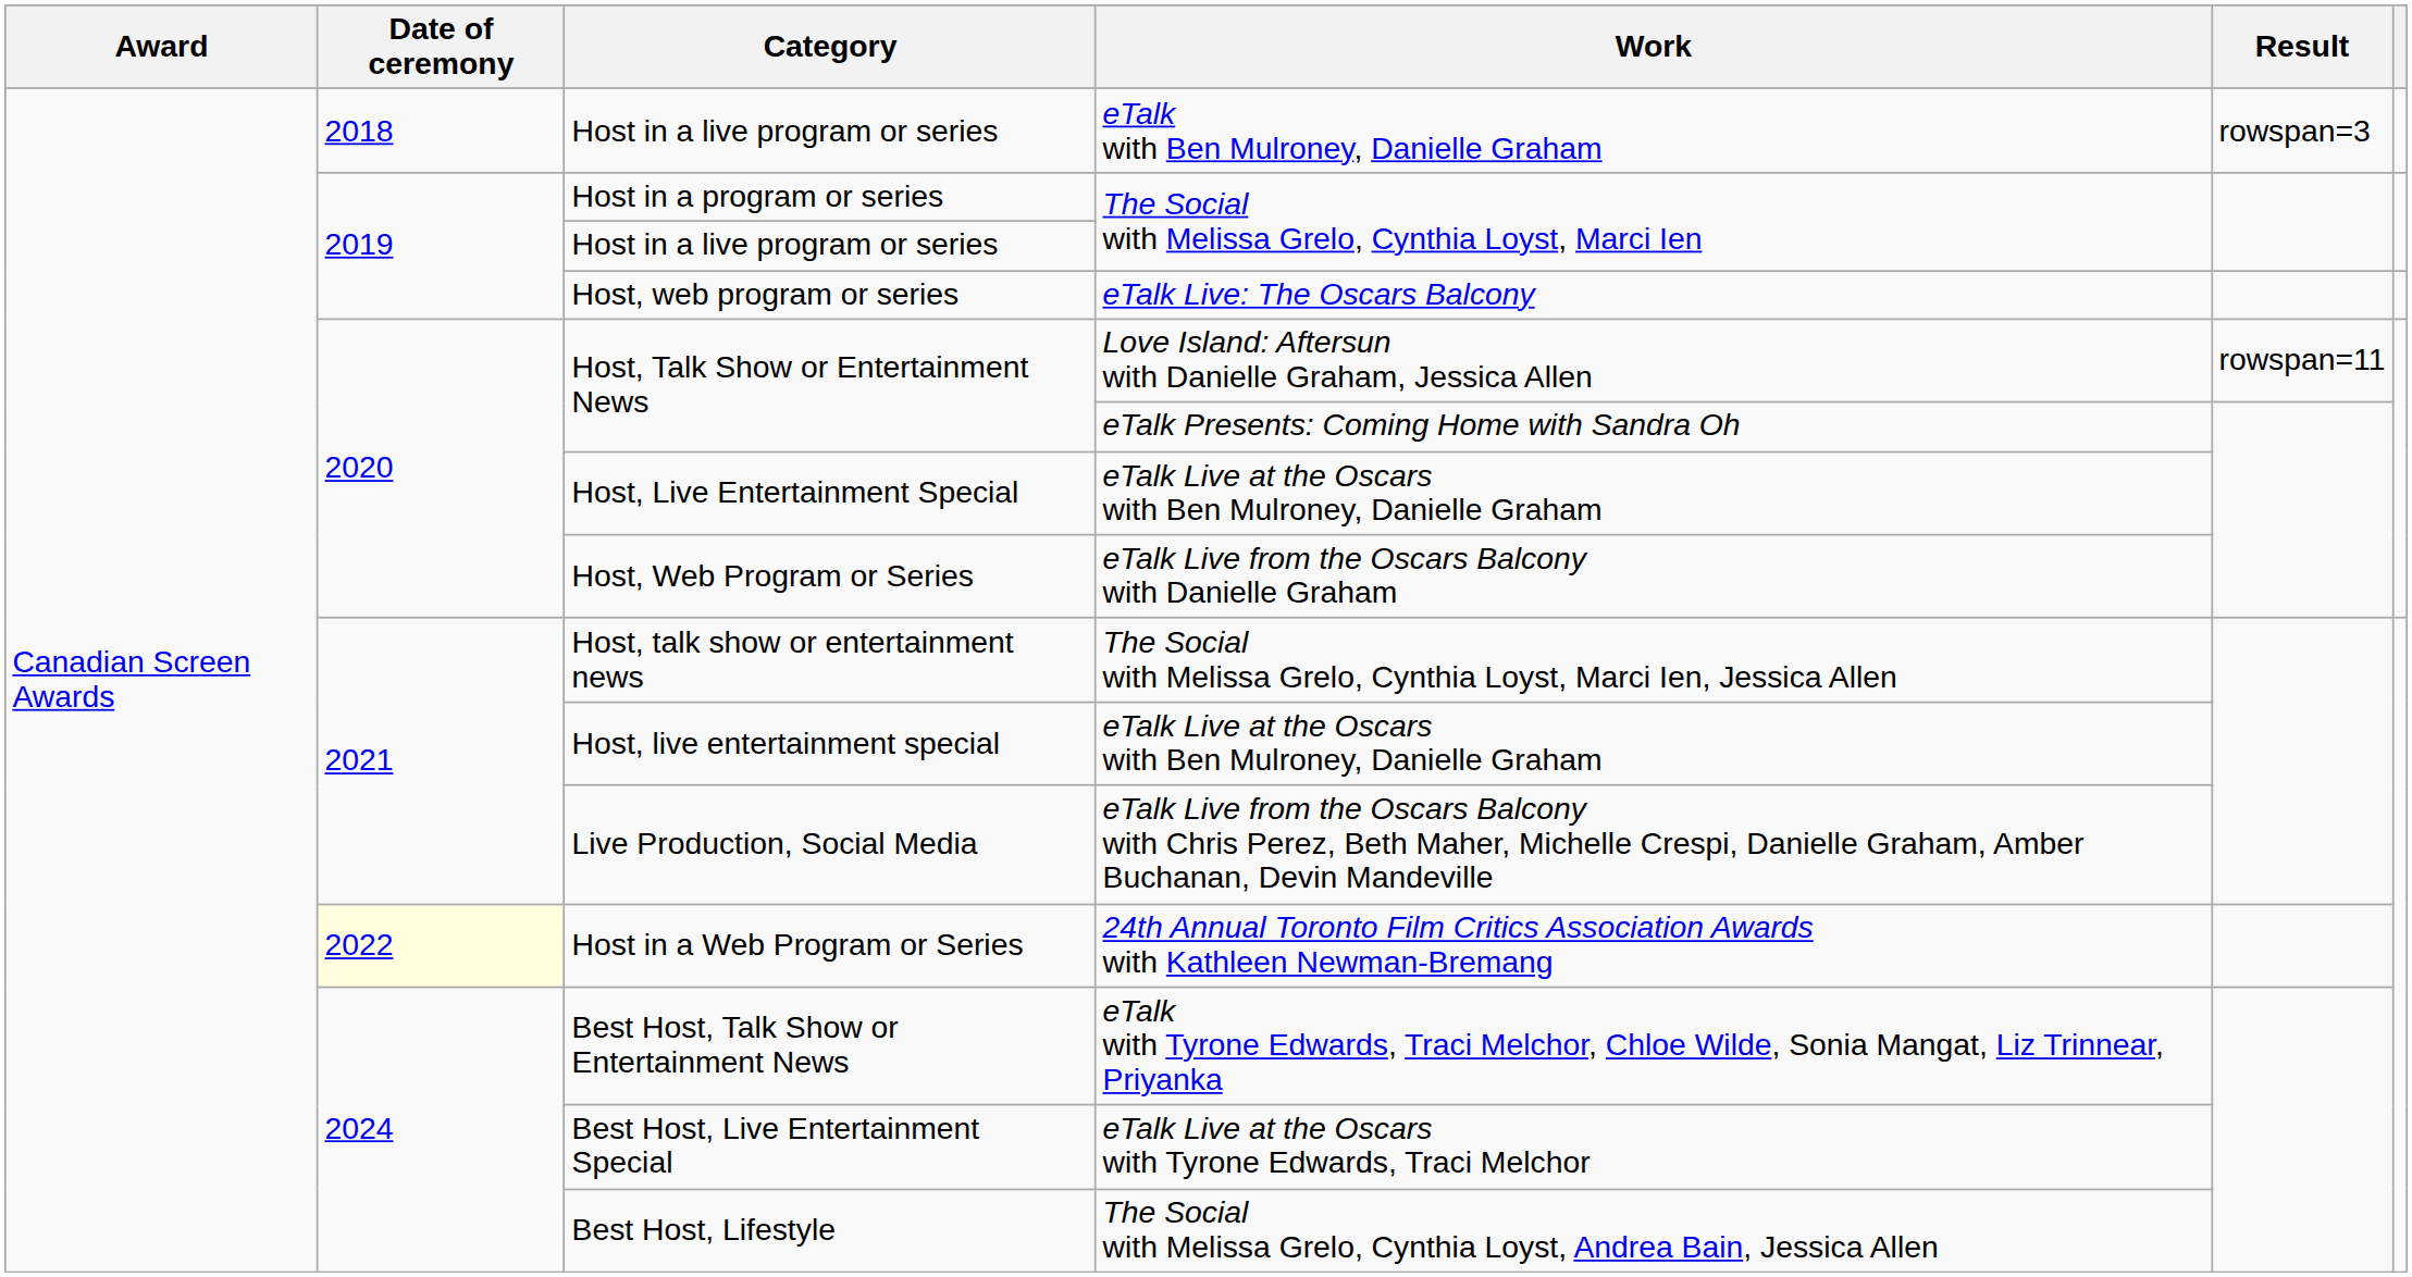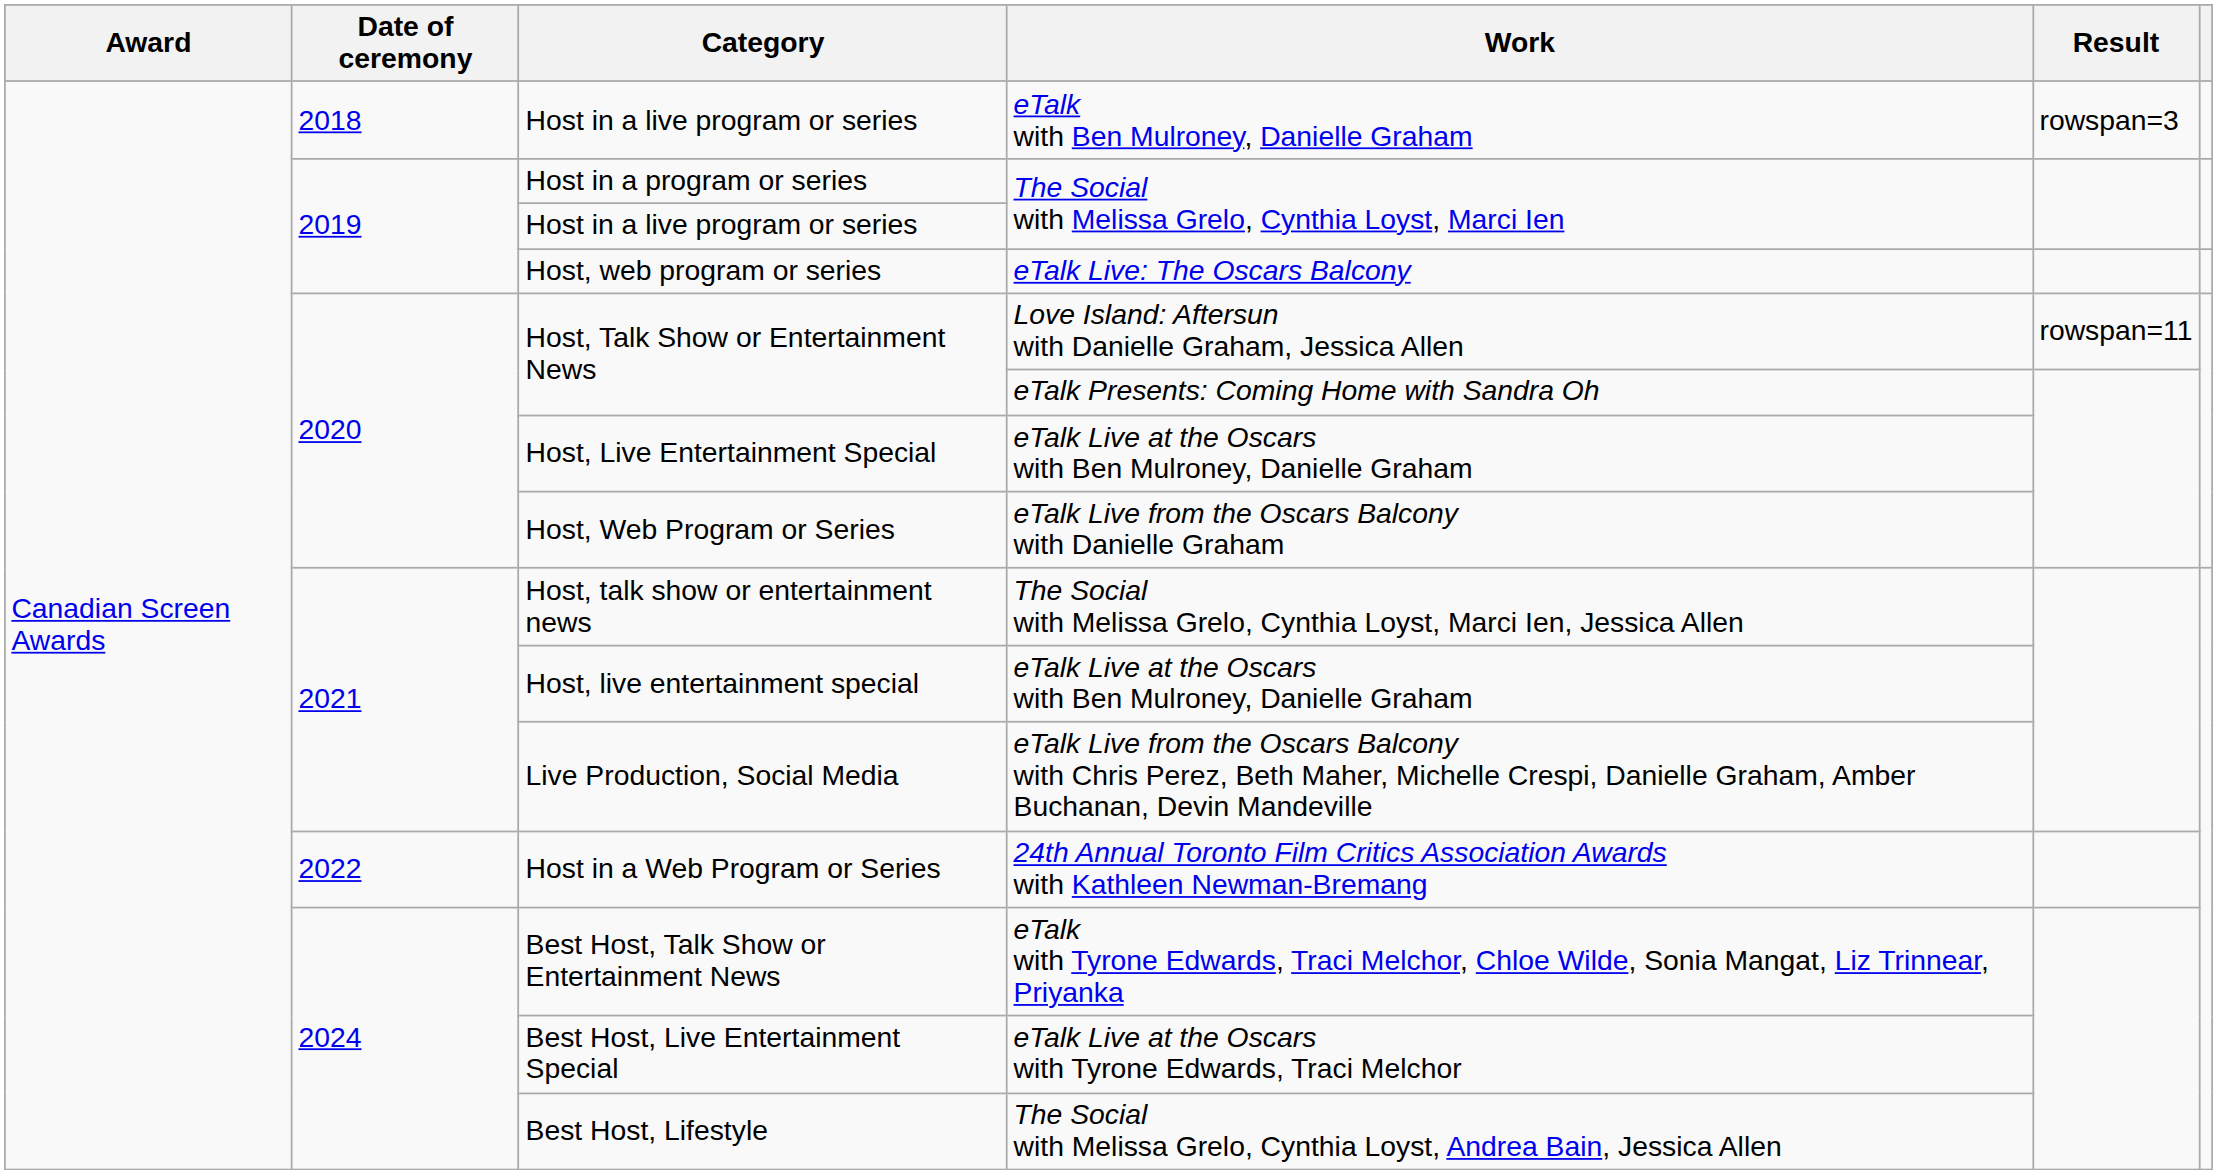 <table class="wikitable plainrowheaders sortable">
 <tr>
 <th scope="col">Award</th>
 <th scope="col">Date of ceremony</th>
 <th scope="col">Category</th>
 <th scope="col">Work</th>
 <th scope="col">Result</th>
 <th scope="col" class="unsortable"></th>
 </tr>
 <tr>
 <td rowspan=15><a href='#'>Canadian Screen Awards</a></td>
 <td><a href='#'>2018</a></td>
 <td>Host in a live program or series</td>
 <td><em><a href='#'>eTalk</a></em><br>with <a href='#'>Ben Mulroney</a>, <a href='#'>Danielle Graham</a></td>
 <td>rowspan=3 </td>
 <td></td>
 </tr>
 <tr>
 <td rowspan=3><a href='#'>2019</a></td>
 <td>Host in a program or series</td>
 <td rowspan=2><em><a href='#'>The Social</a></em><br>with <a href='#'>Melissa Grelo</a>, <a href='#'>Cynthia Loyst</a>, <a href='#'>Marci Ien</a></td>
 <td rowspan=2></td>
 </tr>
 <tr>
 <td>Host in a live program or series</td>
 </tr>
 <tr>
 <td>Host, web program or series</td>
 <td><em><a href='#'>eTalk Live: The Oscars Balcony</a></em></td>
 <td></td>
 <td></td>
 </tr>
 <tr>
 <td rowspan=4><a href='#'>2020</a></td>
 <td rowspan=2>Host, Talk Show or Entertainment News</td>
 <td><em>Love Island: Aftersun</em><br>with Danielle Graham, Jessica Allen</td>
 <td>rowspan=11 </td>
 <td rowspan=4></td>
 </tr>
 <tr>
 <td><em>eTalk Presents: Coming Home with Sandra Oh</em></td>
 </tr>
 <tr>
 <td>Host, Live Entertainment Special</td>
 <td><em>eTalk Live at the Oscars</em><br>with Ben Mulroney, Danielle Graham</td>
 </tr>
 <tr>
 <td>Host, Web Program or Series</td>
 <td><em>eTalk Live from the Oscars Balcony</em><br>with Danielle Graham</td>
 </tr>
 <tr>
 <td rowspan=3><a href='#'>2021</a></td>
 <td>Host, talk show or entertainment news</td>
 <td><em>The Social</em><br>with Melissa Grelo, Cynthia Loyst, Marci Ien, Jessica Allen</td>
 <td rowspan=3></td>
 </tr>
 <tr>
 <td>Host, live entertainment special</td>
 <td><em>eTalk Live at the Oscars</em><br>with Ben Mulroney, Danielle Graham</td>
 </tr>
 <tr>
 <td>Live Production, Social Media</td>
 <td><em>eTalk Live from the Oscars Balcony</em><br>with Chris Perez, Beth Maher, Michelle Crespi, Danielle Graham, Amber Buchanan, Devin Mandeville</td>
 </tr>
 <tr>
-<td style="background: lightyellow;"><a href='#'>2022</a></td>
+<td><a href='#'>2022</a></td>
 <td>Host in a Web Program or Series</td>
 <td><em><a href='#'>24th Annual Toronto Film Critics Association Awards</a></em><br>with <a href='#'>Kathleen Newman-Bremang</a></td>
 <td></td>
 </tr>
 <tr>
 <td rowspan=3><a href='#'>2024</a></td>
 <td>Best Host, Talk Show or Entertainment News</td>
 <td><em>eTalk</em><br>with <a href='#'>Tyrone Edwards</a>, <a href='#'>Traci Melchor</a>, <a href='#'>Chloe Wilde</a>, Sonia Mangat, <a href='#'>Liz Trinnear</a>, <a href='#'>Priyanka</a></td>
 <td rowspan=3></td>
 </tr>
 <tr>
 <td>Best Host, Live Entertainment Special</td>
 <td><em>eTalk Live at the Oscars</em><br>with Tyrone Edwards, Traci Melchor</td>
 </tr>
 <tr>
 <td>Best Host, Lifestyle</td>
 <td><em>The Social</em><br>with Melissa Grelo, Cynthia Loyst, <a href='#'>Andrea Bain</a>, Jessica Allen</td>
 </tr>
 </table>
